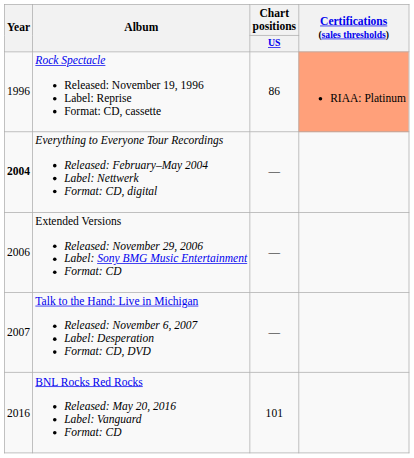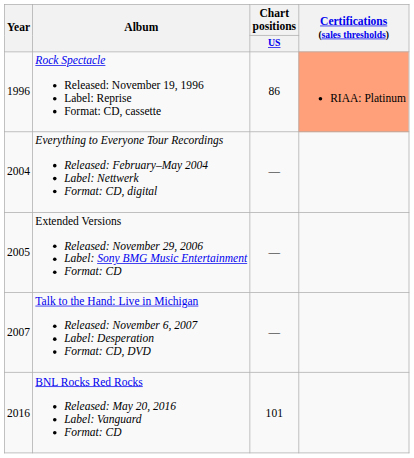 <table class="wikitable">
 <tr>
 <th rowspan="2">Year</th>
 <th rowspan="2">Album</th>
 <th colspan="1">Chart positions</th>
 <th rowspan="2"><a href='#'>Certifications</a><br><small>(<a href='#'>sales thresholds</a>)</small></th>
 </tr>
 <tr>
 <th style="width:2em;font-size:85%"><a href='#'>US</a><br></th>
 </tr>
 <tr>
 <td>1996</td>
 <td><em><a href='#'>Rock Spectacle</a></em><br><ul><li>Released: November 19, 1996</li><li>Label: Reprise</li><li>Format: CD, cassette</li></ul></td>
 <td align="center">86</td>
 <td style="background: lightsalmon;"><br><ul><li>RIAA: Platinum</li></ul></td>
 </tr>
 <tr>
-<td><strong>2004</strong></td>
+<td>2004</td>
 <td><em>Everything to Everyone Tour Recordings<br><ul><li>Released: February–May 2004</li><li>Label: Nettwerk</li><li>Format: CD, digital</li></ul></td>
 <td align="center">—</td>
 <td></td>
 </tr>
 <tr>
-<td>2006</td>
+<td>2005</td>
 <td></em>Extended Versions<em><br><ul><li>Released: November 29, 2006</li><li>Label: <a href='#'>Sony BMG Music Entertainment</a></li><li>Format: CD</li></ul></td>
 <td align="center">—</td>
 <td></td>
 </tr>
 <tr>
 <td>2007</td>
 <td></em><a href='#'>Talk to the Hand: Live in Michigan</a><em><br><ul><li>Released: November 6, 2007</li><li>Label: Desperation</li><li>Format: CD, DVD</li></ul></td>
 <td align="center">—</td>
 <td></td>
 </tr>
 <tr>
 <td>2016</td>
 <td></em><a href='#'>BNL Rocks Red Rocks</a><em><br><ul><li>Released: May 20, 2016</li><li>Label: Vanguard</li><li>Format: CD</li></ul></td>
 <td align="center">101</td>
 <td></td>
 </tr>
 </table>
